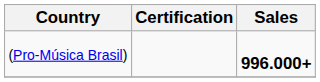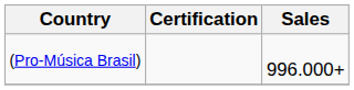 <table class="wikitable">
 <tr>
 <th>Country</th>
 <th>Certification</th>
 <th>Sales</th>
 </tr>
 <tr>
 <td> <small>(<a href='#'>Pro-Música Brasil</a>)</small></td>
 <td align="center"><br></td>
-<td><strong><br>996.000+</strong></td>
+<td><br>996.000+</td>
 </tr>
 <tr>
 </tr>
 </table>
